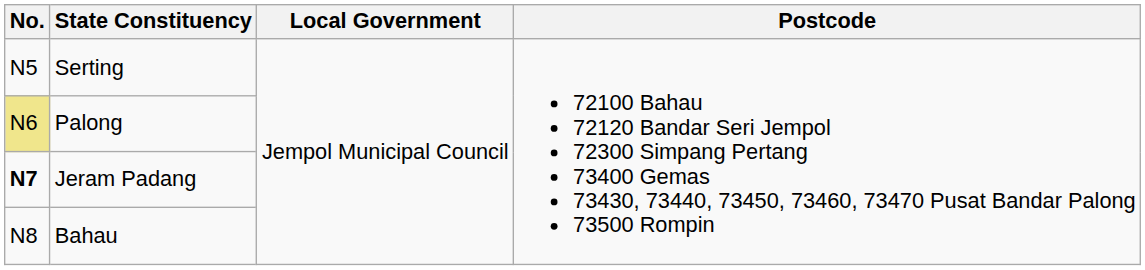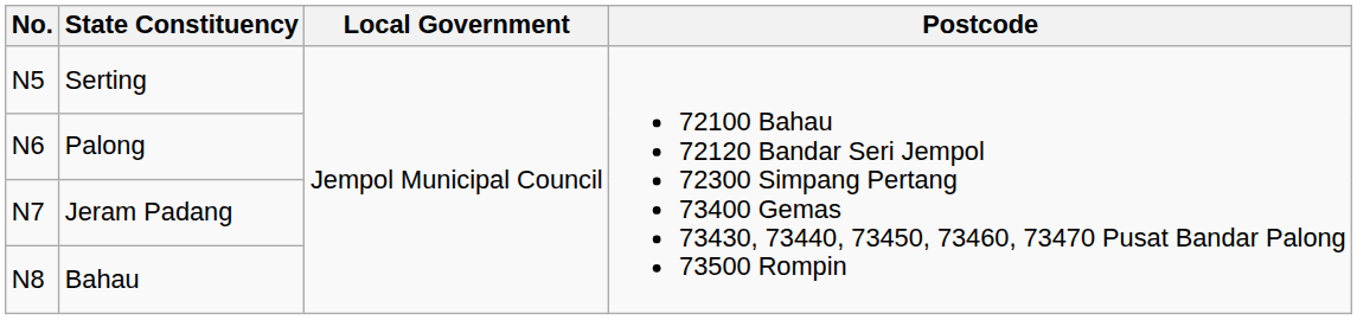 <table class="wikitable">
 <tr>
 <th>No.</th>
 <th>State Constituency</th>
 <th>Local Government</th>
 <th>Postcode</th>
 </tr>
 <tr>
 <td>N5</td>
 <td>Serting</td>
 <td rowspan="4">Jempol Municipal Council</td>
 <td rowspan="4"><br><ul><li>72100 Bahau</li><li>72120 Bandar Seri Jempol</li><li>72300 Simpang Pertang</li><li>73400 Gemas</li><li>73430, 73440, 73450, 73460, 73470 Pusat Bandar Palong</li><li>73500 Rompin</li></ul></td>
 </tr>
 <tr>
-<td style="background: khaki;">N6</td>
+<td>N6</td>
 <td>Palong</td>
 </tr>
 <tr>
-<td><strong>N7</strong></td>
+<td>N7</td>
 <td>Jeram Padang</td>
 </tr>
 <tr>
 <td>N8</td>
 <td>Bahau</td>
 </tr>
 </table>
